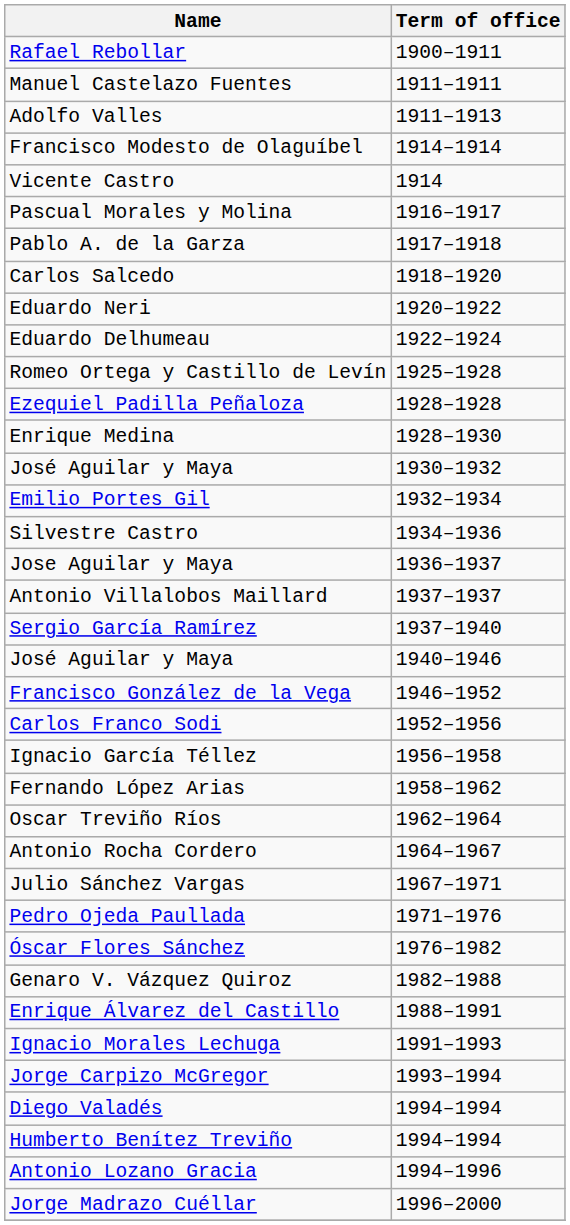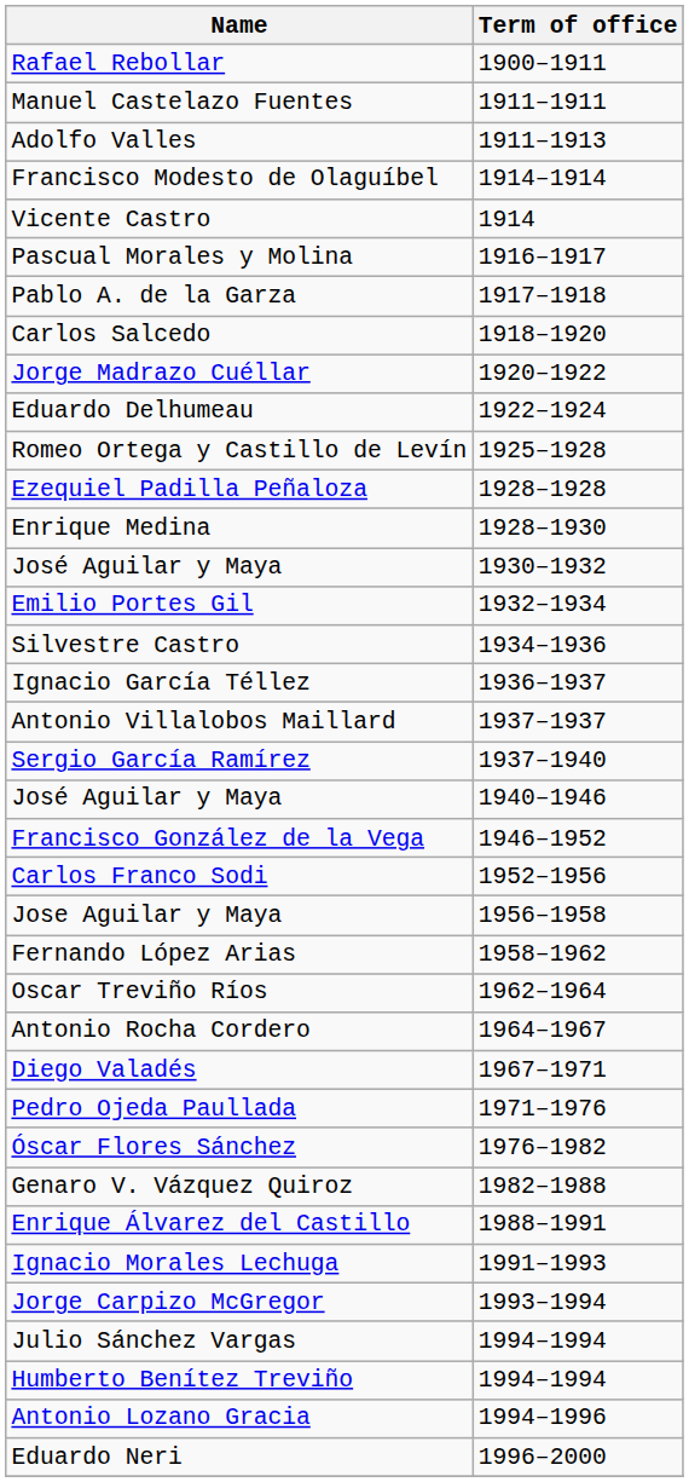 <table class="wikitable">
 <tr>
 <th>Name</th>
 <th>Term of office</th>
 </tr>
 <tr>
 <td><a href='#'>Rafael Rebollar</a></td>
 <td>1900–1911</td>
 </tr>
 <tr>
 <td>Manuel Castelazo Fuentes</td>
 <td>1911–1911</td>
 </tr>
 <tr>
 <td>Adolfo Valles</td>
 <td>1911–1913</td>
 </tr>
 <tr>
 <td>Francisco Modesto de Olaguíbel</td>
 <td>1914–1914</td>
 </tr>
 <tr>
 <td>Vicente Castro</td>
 <td>1914</td>
 </tr>
 <tr>
 <td>Pascual Morales y Molina</td>
 <td>1916–1917</td>
 </tr>
 <tr>
 <td>Pablo A. de la Garza</td>
 <td>1917–1918</td>
 </tr>
 <tr>
 <td>Carlos Salcedo</td>
 <td>1918–1920</td>
 </tr>
 <tr>
-<td>Eduardo Neri</td>
+<td><a href='#'>Jorge Madrazo Cuéllar</a></td>
 <td>1920–1922</td>
 </tr>
 <tr>
 <td>Eduardo Delhumeau</td>
 <td>1922–1924</td>
 </tr>
 <tr>
 <td>Romeo Ortega y Castillo de Levín</td>
 <td>1925–1928</td>
 </tr>
 <tr>
 <td><a href='#'>Ezequiel Padilla Peñaloza</a></td>
 <td>1928–1928</td>
 </tr>
 <tr>
 <td>Enrique Medina</td>
 <td>1928–1930</td>
 </tr>
 <tr>
 <td>José Aguilar y Maya</td>
 <td>1930–1932</td>
 </tr>
 <tr>
 <td><a href='#'>Emilio Portes Gil</a></td>
 <td>1932–1934</td>
 </tr>
 <tr>
 <td>Silvestre Castro</td>
 <td>1934–1936</td>
 </tr>
 <tr>
-<td>Jose Aguilar y Maya</td>
+<td>Ignacio García Téllez</td>
 <td>1936–1937</td>
 </tr>
 <tr>
 <td>Antonio Villalobos Maillard</td>
 <td>1937–1937</td>
 </tr>
 <tr>
 <td><a href='#'>Sergio García Ramírez</a></td>
 <td>1937–1940</td>
 </tr>
 <tr>
 <td>José Aguilar y Maya</td>
 <td>1940–1946</td>
 </tr>
 <tr>
 <td><a href='#'>Francisco González de la Vega</a></td>
 <td>1946–1952</td>
 </tr>
 <tr>
 <td><a href='#'>Carlos Franco Sodi</a></td>
 <td>1952–1956</td>
 </tr>
 <tr>
-<td>Ignacio García Téllez</td>
+<td>Jose Aguilar y Maya</td>
 <td>1956–1958</td>
 </tr>
 <tr>
 <td>Fernando López Arias</td>
 <td>1958–1962</td>
 </tr>
 <tr>
 <td>Oscar Treviño Ríos</td>
 <td>1962–1964</td>
 </tr>
 <tr>
 <td>Antonio Rocha Cordero</td>
 <td>1964–1967</td>
 </tr>
 <tr>
-<td>Julio Sánchez Vargas</td>
+<td><a href='#'>Diego Valadés</a></td>
 <td>1967–1971</td>
 </tr>
 <tr>
 <td><a href='#'>Pedro Ojeda Paullada</a></td>
 <td>1971–1976</td>
 </tr>
 <tr>
 <td><a href='#'>Óscar Flores Sánchez</a></td>
 <td>1976–1982</td>
 </tr>
 <tr>
 <td>Genaro V. Vázquez Quiroz</td>
 <td>1982–1988</td>
 </tr>
 <tr>
 <td><a href='#'>Enrique Álvarez del Castillo</a></td>
 <td>1988–1991</td>
 </tr>
 <tr>
 <td><a href='#'>Ignacio Morales Lechuga</a></td>
 <td>1991–1993</td>
 </tr>
 <tr>
 <td><a href='#'>Jorge Carpizo McGregor</a></td>
 <td>1993–1994</td>
 </tr>
 <tr>
-<td><a href='#'>Diego Valadés</a></td>
+<td>Julio Sánchez Vargas</td>
 <td>1994–1994</td>
 </tr>
 <tr>
 <td><a href='#'>Humberto Benítez Treviño</a></td>
 <td>1994–1994</td>
 </tr>
 <tr>
 <td><a href='#'>Antonio Lozano Gracia</a></td>
 <td>1994–1996</td>
 </tr>
 <tr>
-<td><a href='#'>Jorge Madrazo Cuéllar</a></td>
+<td>Eduardo Neri</td>
 <td>1996–2000</td>
 </tr>
 <tr>
 </tr>
 </table>
